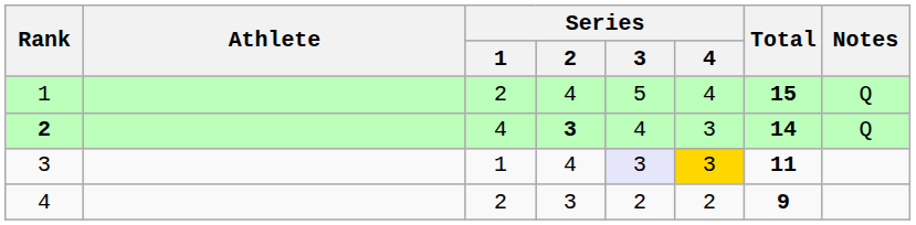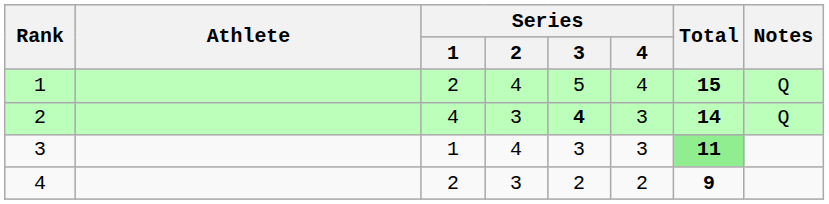 <table class="wikitable" style="text-align:center">
 <tr>
 <th rowspan=2 width=40>Rank</th>
 <th rowspan=2 width=220>Athlete</th>
 <th colspan=4>Series</th>
 <th rowspan=2 width=40>Total</th>
 <th rowspan=2 width=45>Notes</th>
 </tr>
 <tr>
 <th width=35>1</th>
 <th width=35>2</th>
 <th width=35>3</th>
 <th width=35>4</th>
 </tr>
 <tr bgcolor=bbffbb>
 <td>1</td>
 <td align=left></td>
 <td>2</td>
 <td>4</td>
 <td>5</td>
 <td>4</td>
 <td><strong>15</strong></td>
 <td>Q</td>
 </tr>
 <tr bgcolor=bbffbb>
-<td><strong>2</strong></td>
+<td>2</td>
 <td align=left></td>
 <td>4</td>
-<td><strong>3</strong></td>
-<td>4</td>
+<td>3</td>
+<td><strong>4</strong></td>
 <td>3</td>
 <td><strong>14</strong></td>
 <td>Q</td>
 </tr>
 <tr>
 <td>3</td>
 <td align=left></td>
 <td>1</td>
 <td>4</td>
-<td style="background: lavender;">3</td>
-<td style="background: gold;">3</td>
-<td><strong>11</strong></td>
+<td>3</td>
+<td>3</td>
+<td style="background: lightgreen;"><strong>11</strong></td>
 <td></td>
 </tr>
 <tr>
 <td>4</td>
 <td align=left></td>
 <td>2</td>
 <td>3</td>
 <td>2</td>
 <td>2</td>
 <td><strong>9</strong></td>
 <td></td>
 </tr>
 </table>
